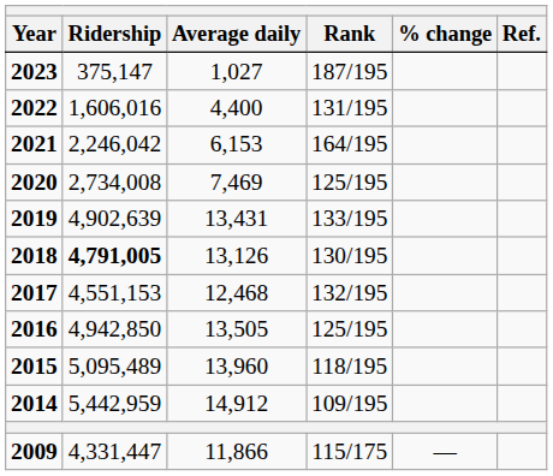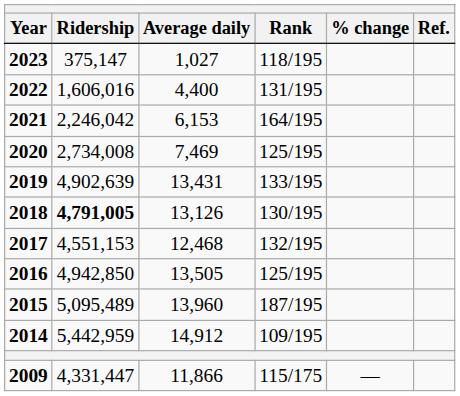 <table class="wikitable sortable" style="text-align:right;">
 <tr>
 <th colspan="6" style="background-color:#"></th>
 </tr>
 <tr style="font-size:95%; text-align:center">
 <th style="border-bottom:1px solid black">Year</th>
 <th style="border-bottom:1px solid black">Ridership</th>
 <th style="border-bottom:1px solid black">Average daily</th>
 <th style="border-bottom:1px solid black">Rank</th>
 <th style="border-bottom:1px solid black">% change</th>
 <th style="border-bottom:1px solid black">Ref.</th>
 </tr>
 <tr style="text-align:center;">
 <td><strong>2023</strong></td>
 <td>375,147</td>
 <td>1,027</td>
-<td>187/195</td>
+<td>118/195</td>
 <td></td>
 <td></td>
 </tr>
 <tr style="text-align:center;">
 <td><strong>2022</strong></td>
 <td>1,606,016</td>
 <td>4,400</td>
 <td>131/195</td>
 <td></td>
 <td></td>
 </tr>
 <tr style="text-align:center;">
 <td><strong>2021</strong></td>
 <td>2,246,042</td>
 <td>6,153</td>
 <td>164/195</td>
 <td></td>
 <td></td>
 </tr>
 <tr style="text-align:center;">
 <td><strong>2020</strong></td>
 <td>2,734,008</td>
 <td>7,469</td>
 <td>125/195</td>
 <td></td>
 <td></td>
 </tr>
 <tr style="text-align:center;">
 <td><strong>2019</strong></td>
 <td>4,902,639</td>
 <td>13,431</td>
 <td>133/195</td>
 <td></td>
 <td></td>
 </tr>
 <tr style="text-align:center;">
 <td><strong>2018</strong></td>
 <td><strong>4,791,005</strong></td>
 <td>13,126</td>
 <td>130/195</td>
 <td></td>
 <td></td>
 </tr>
 <tr style="text-align:center;">
 <td><strong>2017</strong></td>
 <td>4,551,153</td>
 <td>12,468</td>
 <td>132/195</td>
 <td></td>
 <td></td>
 </tr>
 <tr style="text-align:center;">
 <td><strong>2016</strong></td>
 <td>4,942,850</td>
 <td>13,505</td>
 <td>125/195</td>
 <td></td>
 <td></td>
 </tr>
 <tr style="text-align:center;">
 <td><strong>2015</strong></td>
 <td>5,095,489</td>
 <td>13,960</td>
-<td>118/195</td>
+<td>187/195</td>
 <td></td>
 <td></td>
 </tr>
 <tr style="text-align:center;">
 <td><strong>2014</strong></td>
 <td>5,442,959</td>
 <td>14,912</td>
 <td>109/195</td>
 <td></td>
 <td></td>
 </tr>
 <tr>
 <th colspan="6" style="background-color:#"></th>
 </tr>
 <tr style="text-align:center;">
 <td><strong>2009</strong></td>
 <td>4,331,447</td>
 <td>11,866</td>
 <td>115/175</td>
 <td>—</td>
 <td></td>
 </tr>
 </table>
